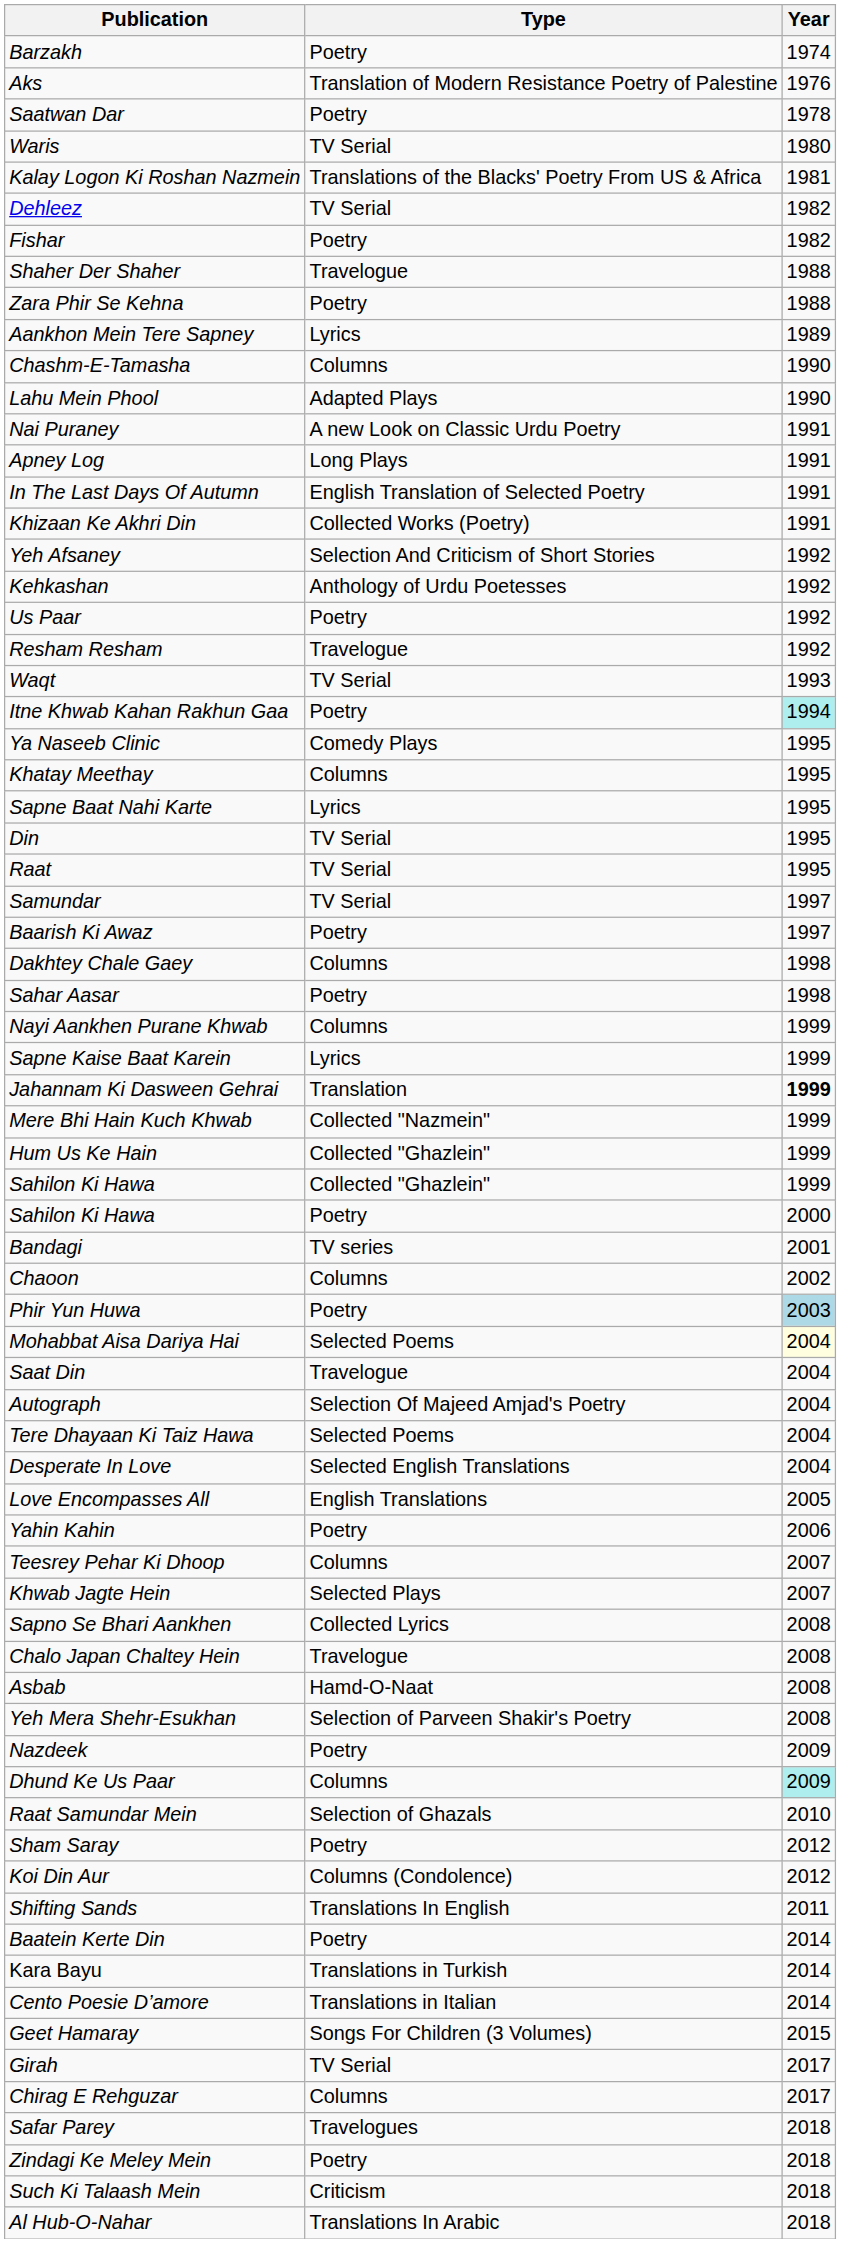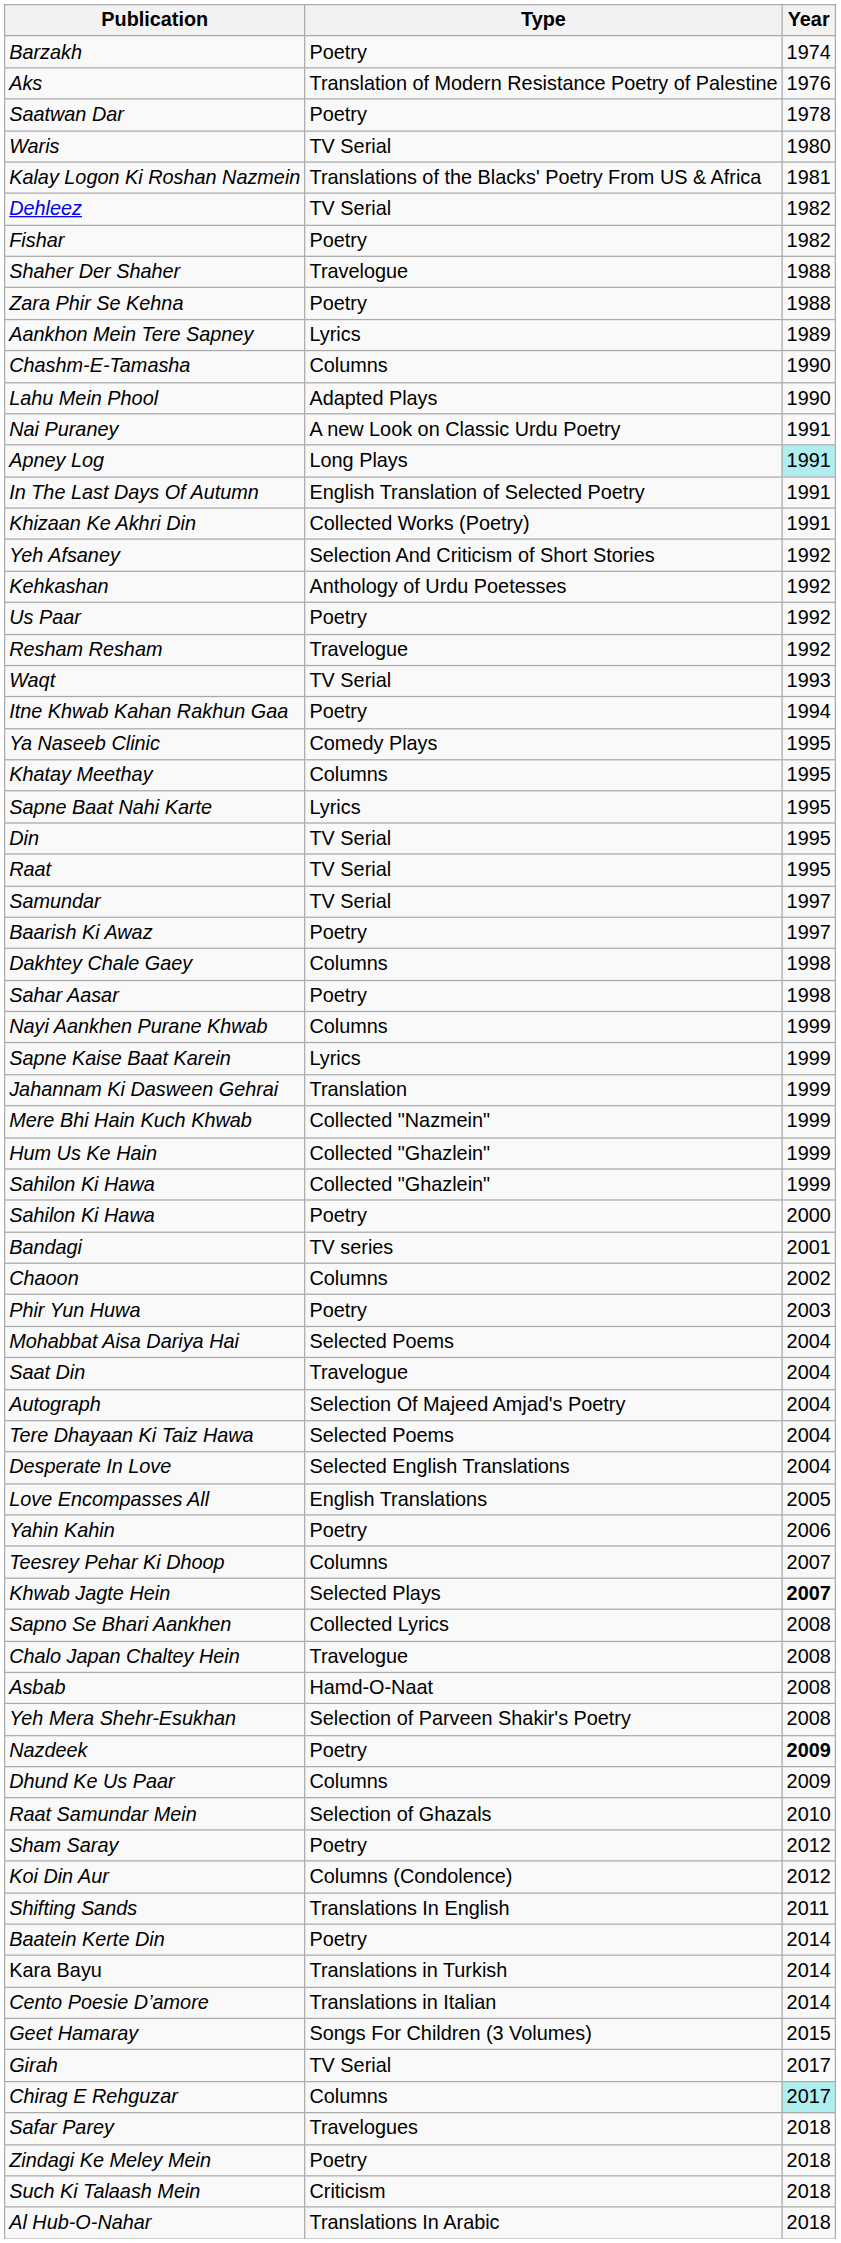 <table class="wikitable">
 <tr>
 <th>Publication</th>
 <th>Type</th>
 <th>Year</th>
 </tr>
 <tr>
 <td><em>Barzakh</em></td>
 <td>Poetry</td>
 <td>1974</td>
 </tr>
 <tr>
 <td><em>Aks</em></td>
 <td>Translation of Modern Resistance Poetry of Palestine</td>
 <td>1976</td>
 </tr>
 <tr>
 <td><em>Saatwan Dar</em></td>
 <td>Poetry</td>
 <td>1978</td>
 </tr>
 <tr>
 <td><em>Waris</em></td>
 <td>TV Serial</td>
 <td>1980</td>
 </tr>
 <tr>
 <td><em>Kalay Logon Ki Roshan Nazmein</em></td>
 <td>Translations of the Blacks' Poetry From US & Africa</td>
 <td>1981</td>
 </tr>
 <tr>
 <td><em><a href='#'>Dehleez</a></em></td>
 <td>TV Serial</td>
 <td>1982</td>
 </tr>
 <tr>
 <td><em>Fishar</em></td>
 <td>Poetry</td>
 <td>1982</td>
 </tr>
 <tr>
 <td><em>Shaher Der Shaher</em></td>
 <td>Travelogue</td>
 <td>1988</td>
 </tr>
 <tr>
 <td><em>Zara Phir Se Kehna</em></td>
 <td>Poetry</td>
 <td>1988</td>
 </tr>
 <tr>
 <td><em>Aankhon Mein Tere Sapney</em></td>
 <td>Lyrics</td>
 <td>1989</td>
 </tr>
 <tr>
 <td><em>Chashm-E-Tamasha</em></td>
 <td>Columns</td>
 <td>1990</td>
 </tr>
 <tr>
 <td><em>Lahu Mein Phool</em></td>
 <td>Adapted Plays</td>
 <td>1990</td>
 </tr>
 <tr>
 <td><em>Nai Puraney</em></td>
 <td>A new Look on Classic Urdu Poetry</td>
 <td>1991</td>
 </tr>
 <tr>
 <td><em>Apney Log</em></td>
 <td>Long Plays</td>
-<td>1991</td>
+<td style="background: paleturquoise;">1991</td>
 </tr>
 <tr>
 <td><em>In The Last Days Of Autumn</em></td>
 <td>English Translation of Selected Poetry</td>
 <td>1991</td>
 </tr>
 <tr>
 <td><em>Khizaan Ke Akhri Din</em></td>
 <td>Collected Works (Poetry)</td>
 <td>1991</td>
 </tr>
 <tr>
 <td><em>Yeh Afsaney</em></td>
 <td>Selection And Criticism of Short Stories</td>
 <td>1992</td>
 </tr>
 <tr>
 <td><em>Kehkashan</em></td>
 <td>Anthology of Urdu Poetesses</td>
 <td>1992</td>
 </tr>
 <tr>
 <td><em>Us Paar</em></td>
 <td>Poetry</td>
 <td>1992</td>
 </tr>
 <tr>
 <td><em>Resham Resham</em></td>
 <td>Travelogue</td>
 <td>1992</td>
 </tr>
 <tr>
 <td><em>Waqt</em></td>
 <td>TV Serial</td>
 <td>1993</td>
 </tr>
 <tr>
 <td><em>Itne Khwab Kahan Rakhun Gaa</em></td>
 <td>Poetry</td>
-<td style="background: paleturquoise;">1994</td>
+<td>1994</td>
 </tr>
 <tr>
 <td><em>Ya Naseeb Clinic</em></td>
 <td>Comedy Plays</td>
 <td>1995</td>
 </tr>
 <tr>
 <td><em>Khatay Meethay</em></td>
 <td>Columns</td>
 <td>1995</td>
 </tr>
 <tr>
 <td><em>Sapne Baat Nahi Karte</em></td>
 <td>Lyrics</td>
 <td>1995</td>
 </tr>
 <tr>
 <td><em>Din</em></td>
 <td>TV Serial</td>
 <td>1995</td>
 </tr>
 <tr>
 <td><em>Raat</em></td>
 <td>TV Serial</td>
 <td>1995</td>
 </tr>
 <tr>
 <td><em>Samundar</em></td>
 <td>TV Serial</td>
 <td>1997</td>
 </tr>
 <tr>
 <td><em>Baarish Ki Awaz</em></td>
 <td>Poetry</td>
 <td>1997</td>
 </tr>
 <tr>
 <td><em>Dakhtey Chale Gaey</em></td>
 <td>Columns</td>
 <td>1998</td>
 </tr>
 <tr>
 <td><em>Sahar Aasar</em></td>
 <td>Poetry</td>
 <td>1998</td>
 </tr>
 <tr>
 <td><em>Nayi Aankhen Purane Khwab</em></td>
 <td>Columns</td>
 <td>1999</td>
 </tr>
 <tr>
 <td><em>Sapne Kaise Baat Karein</em></td>
 <td>Lyrics</td>
 <td>1999</td>
 </tr>
 <tr>
 <td><em>Jahannam Ki Dasween Gehrai</em></td>
 <td>Translation</td>
-<td><strong>1999</strong></td>
+<td>1999</td>
 </tr>
 <tr>
 <td><em>Mere Bhi Hain Kuch Khwab</em></td>
 <td>Collected "Nazmein"</td>
 <td>1999</td>
 </tr>
 <tr>
 <td><em>Hum Us Ke Hain</em></td>
 <td>Collected "Ghazlein"</td>
 <td>1999</td>
 </tr>
 <tr>
 <td><em>Sahilon Ki Hawa</em></td>
 <td>Collected "Ghazlein"</td>
 <td>1999</td>
 </tr>
 <tr>
 <td><em>Sahilon Ki Hawa</em></td>
 <td>Poetry</td>
 <td>2000</td>
 </tr>
 <tr>
 <td><em>Bandagi</em></td>
 <td>TV series</td>
 <td>2001</td>
 </tr>
 <tr>
 <td><em>Chaoon</em></td>
 <td>Columns</td>
 <td>2002</td>
 </tr>
 <tr>
 <td><em>Phir Yun Huwa</em></td>
 <td>Poetry</td>
-<td style="background: lightblue;">2003</td>
+<td>2003</td>
 </tr>
 <tr>
 <td><em>Mohabbat Aisa Dariya Hai</em></td>
 <td>Selected Poems</td>
-<td style="background: lightyellow;">2004</td>
+<td>2004</td>
 </tr>
 <tr>
 <td><em>Saat Din</em></td>
 <td>Travelogue</td>
 <td>2004</td>
 </tr>
 <tr>
 <td><em>Autograph</em></td>
 <td>Selection Of Majeed Amjad's Poetry</td>
 <td>2004</td>
 </tr>
 <tr>
 <td><em>Tere Dhayaan Ki Taiz Hawa</em></td>
 <td>Selected Poems</td>
 <td>2004</td>
 </tr>
 <tr>
 <td><em>Desperate In Love</em></td>
 <td>Selected English Translations</td>
 <td>2004</td>
 </tr>
 <tr>
 <td><em>Love Encompasses All</em></td>
 <td>English Translations</td>
 <td>2005</td>
 </tr>
 <tr>
 <td><em>Yahin Kahin</em></td>
 <td>Poetry</td>
 <td>2006</td>
 </tr>
 <tr>
 <td><em>Teesrey Pehar Ki Dhoop</em></td>
 <td>Columns</td>
 <td>2007</td>
 </tr>
 <tr>
 <td><em>Khwab Jagte Hein</em></td>
 <td>Selected Plays</td>
-<td>2007</td>
+<td><strong>2007</strong></td>
 </tr>
 <tr>
 <td><em>Sapno Se Bhari Aankhen</em></td>
 <td>Collected Lyrics</td>
 <td>2008</td>
 </tr>
 <tr>
 <td><em>Chalo Japan Chaltey Hein</em></td>
 <td>Travelogue</td>
 <td>2008</td>
 </tr>
 <tr>
 <td><em>Asbab</em></td>
 <td>Hamd-O-Naat</td>
 <td>2008</td>
 </tr>
 <tr>
 <td><em>Yeh Mera Shehr-Esukhan</em></td>
 <td>Selection of Parveen Shakir's Poetry</td>
 <td>2008</td>
 </tr>
 <tr>
 <td><em>Nazdeek</em></td>
 <td>Poetry</td>
-<td>2009</td>
+<td><strong>2009</strong></td>
 </tr>
 <tr>
 <td><em>Dhund Ke Us Paar</em></td>
 <td>Columns</td>
-<td style="background: paleturquoise;">2009</td>
+<td>2009</td>
 </tr>
 <tr>
 <td><em>Raat Samundar Mein</em></td>
 <td>Selection of Ghazals</td>
 <td>2010</td>
 </tr>
 <tr>
 <td><em>Sham Saray</em></td>
 <td>Poetry</td>
 <td>2012</td>
 </tr>
 <tr>
 <td><em>Koi Din Aur</em></td>
 <td>Columns (Condolence)</td>
 <td>2012</td>
 </tr>
 <tr>
 <td><em>Shifting Sands</em></td>
 <td>Translations In English</td>
 <td>2011</td>
 </tr>
 <tr>
 <td><em>Baatein Kerte Din</em></td>
 <td>Poetry</td>
 <td>2014</td>
 </tr>
 <tr>
 <td>Kara Bayu</td>
 <td>Translations in Turkish</td>
 <td>2014</td>
 </tr>
 <tr>
 <td><em>Cento Poesie D’amore</em></td>
 <td>Translations in Italian</td>
 <td>2014</td>
 </tr>
 <tr>
 <td><em>Geet Hamaray</em></td>
 <td>Songs For Children (3 Volumes)</td>
 <td>2015</td>
 </tr>
 <tr>
 <td><em>Girah</em></td>
 <td>TV Serial</td>
 <td>2017</td>
 </tr>
 <tr>
 <td><em>Chirag E Rehguzar</em></td>
 <td>Columns</td>
-<td>2017</td>
+<td style="background: paleturquoise;">2017</td>
 </tr>
 <tr>
 <td><em>Safar Parey</em></td>
 <td>Travelogues</td>
 <td>2018</td>
 </tr>
 <tr>
 <td><em>Zindagi Ke Meley Mein</em></td>
 <td>Poetry</td>
 <td>2018</td>
 </tr>
 <tr>
 <td><em>Such Ki Talaash Mein</em></td>
 <td>Criticism</td>
 <td>2018</td>
 </tr>
 <tr>
 <td><em>Al Hub-O-Nahar</em></td>
 <td>Translations In Arabic</td>
 <td>2018</td>
 </tr>
 </table>
